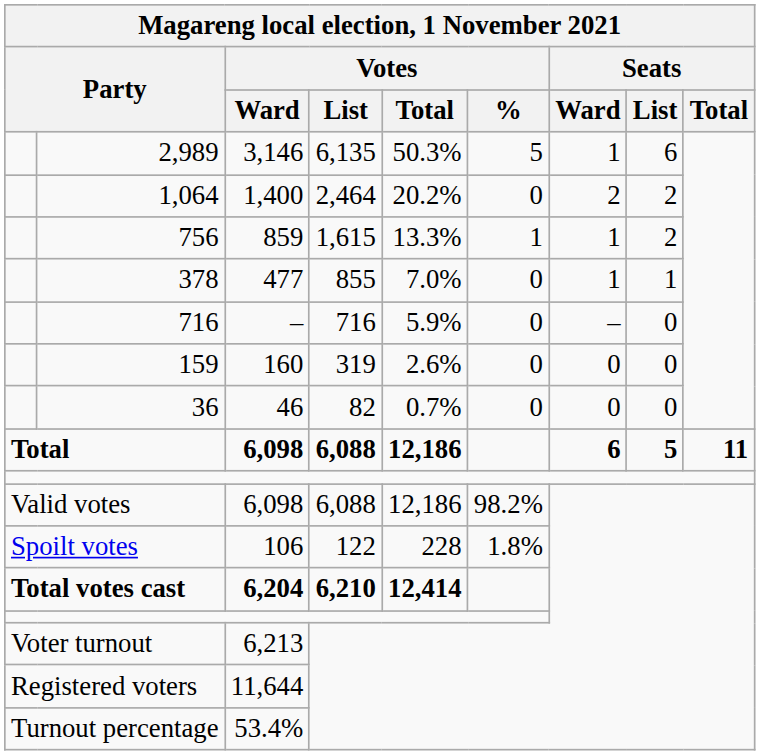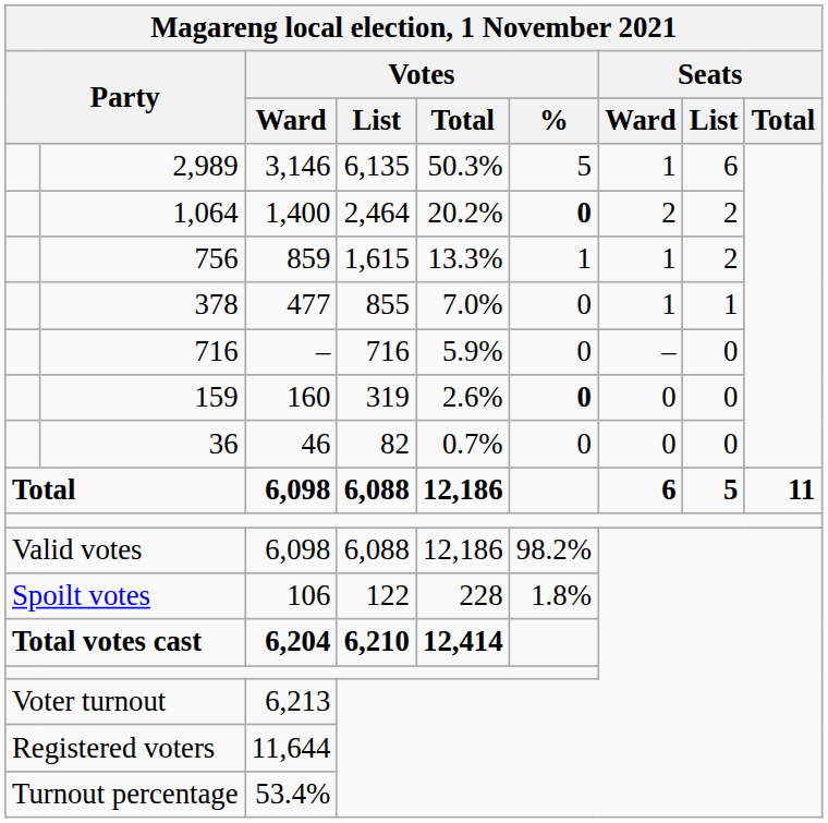 <table class=wikitable style="text-align:right">
 <tr>
 <th colspan="9" align="center">Magareng local election, 1 November 2021</th>
 </tr>
 <tr>
 <th rowspan="2" colspan="2">Party</th>
 <th colspan="4" align="center">Votes</th>
 <th colspan="3" align="center">Seats</th>
 </tr>
 <tr>
 <th>Ward</th>
 <th>List</th>
 <th>Total</th>
 <th>%</th>
 <th>Ward</th>
 <th>List</th>
 <th>Total</th>
 </tr>
 <tr>
 <td></td>
 <td>2,989</td>
 <td>3,146</td>
 <td>6,135</td>
 <td>50.3%</td>
 <td>5</td>
 <td>1</td>
 <td>6</td>
 </tr>
 <tr>
 <td></td>
 <td>1,064</td>
 <td>1,400</td>
 <td>2,464</td>
 <td>20.2%</td>
-<td>0</td>
+<td><strong>0</strong></td>
 <td>2</td>
 <td>2</td>
 </tr>
 <tr>
 <td></td>
 <td>756</td>
 <td>859</td>
 <td>1,615</td>
 <td>13.3%</td>
 <td>1</td>
 <td>1</td>
 <td>2</td>
 </tr>
 <tr>
 <td></td>
 <td>378</td>
 <td>477</td>
 <td>855</td>
 <td>7.0%</td>
 <td>0</td>
 <td>1</td>
 <td>1</td>
 </tr>
 <tr>
 <td></td>
 <td>716</td>
 <td>–</td>
 <td>716</td>
 <td>5.9%</td>
 <td>0</td>
 <td>–</td>
 <td>0</td>
 </tr>
 <tr>
 <td></td>
 <td>159</td>
 <td>160</td>
 <td>319</td>
 <td>2.6%</td>
-<td>0</td>
+<td><strong>0</strong></td>
 <td>0</td>
 <td>0</td>
 </tr>
 <tr>
 <td></td>
 <td>36</td>
 <td>46</td>
 <td>82</td>
 <td>0.7%</td>
 <td>0</td>
 <td>0</td>
 <td>0</td>
 </tr>
 <tr>
 <td colspan="2" style="text-align:left"><strong>Total</strong></td>
 <td><strong>6,098</strong></td>
 <td><strong>6,088</strong></td>
 <td><strong>12,186</strong></td>
 <td></td>
 <td><strong>6</strong></td>
 <td><strong>5</strong></td>
 <td><strong>11</strong></td>
 </tr>
 <tr>
 <td colspan="9"></td>
 </tr>
 <tr>
 <td colspan="2" style="text-align:left">Valid votes</td>
 <td>6,098</td>
 <td>6,088</td>
 <td>12,186</td>
 <td>98.2%</td>
 </tr>
 <tr>
 <td colspan="2" style="text-align:left"><a href='#'>Spoilt votes</a></td>
 <td>106</td>
 <td>122</td>
 <td>228</td>
 <td>1.8%</td>
 </tr>
 <tr>
 <td colspan="2" style="text-align:left"><strong>Total votes cast</strong></td>
 <td><strong>6,204</strong></td>
 <td><strong>6,210</strong></td>
 <td><strong>12,414</strong></td>
 <td></td>
 </tr>
 <tr>
 <td colspan="6"></td>
 </tr>
 <tr>
 <td colspan="2" style="text-align:left">Voter turnout</td>
 <td>6,213</td>
 </tr>
 <tr>
 <td colspan="2" style="text-align:left">Registered voters</td>
 <td>11,644</td>
 </tr>
 <tr>
 <td colspan="2" style="text-align:left">Turnout percentage</td>
 <td>53.4%</td>
 </tr>
 </table>
